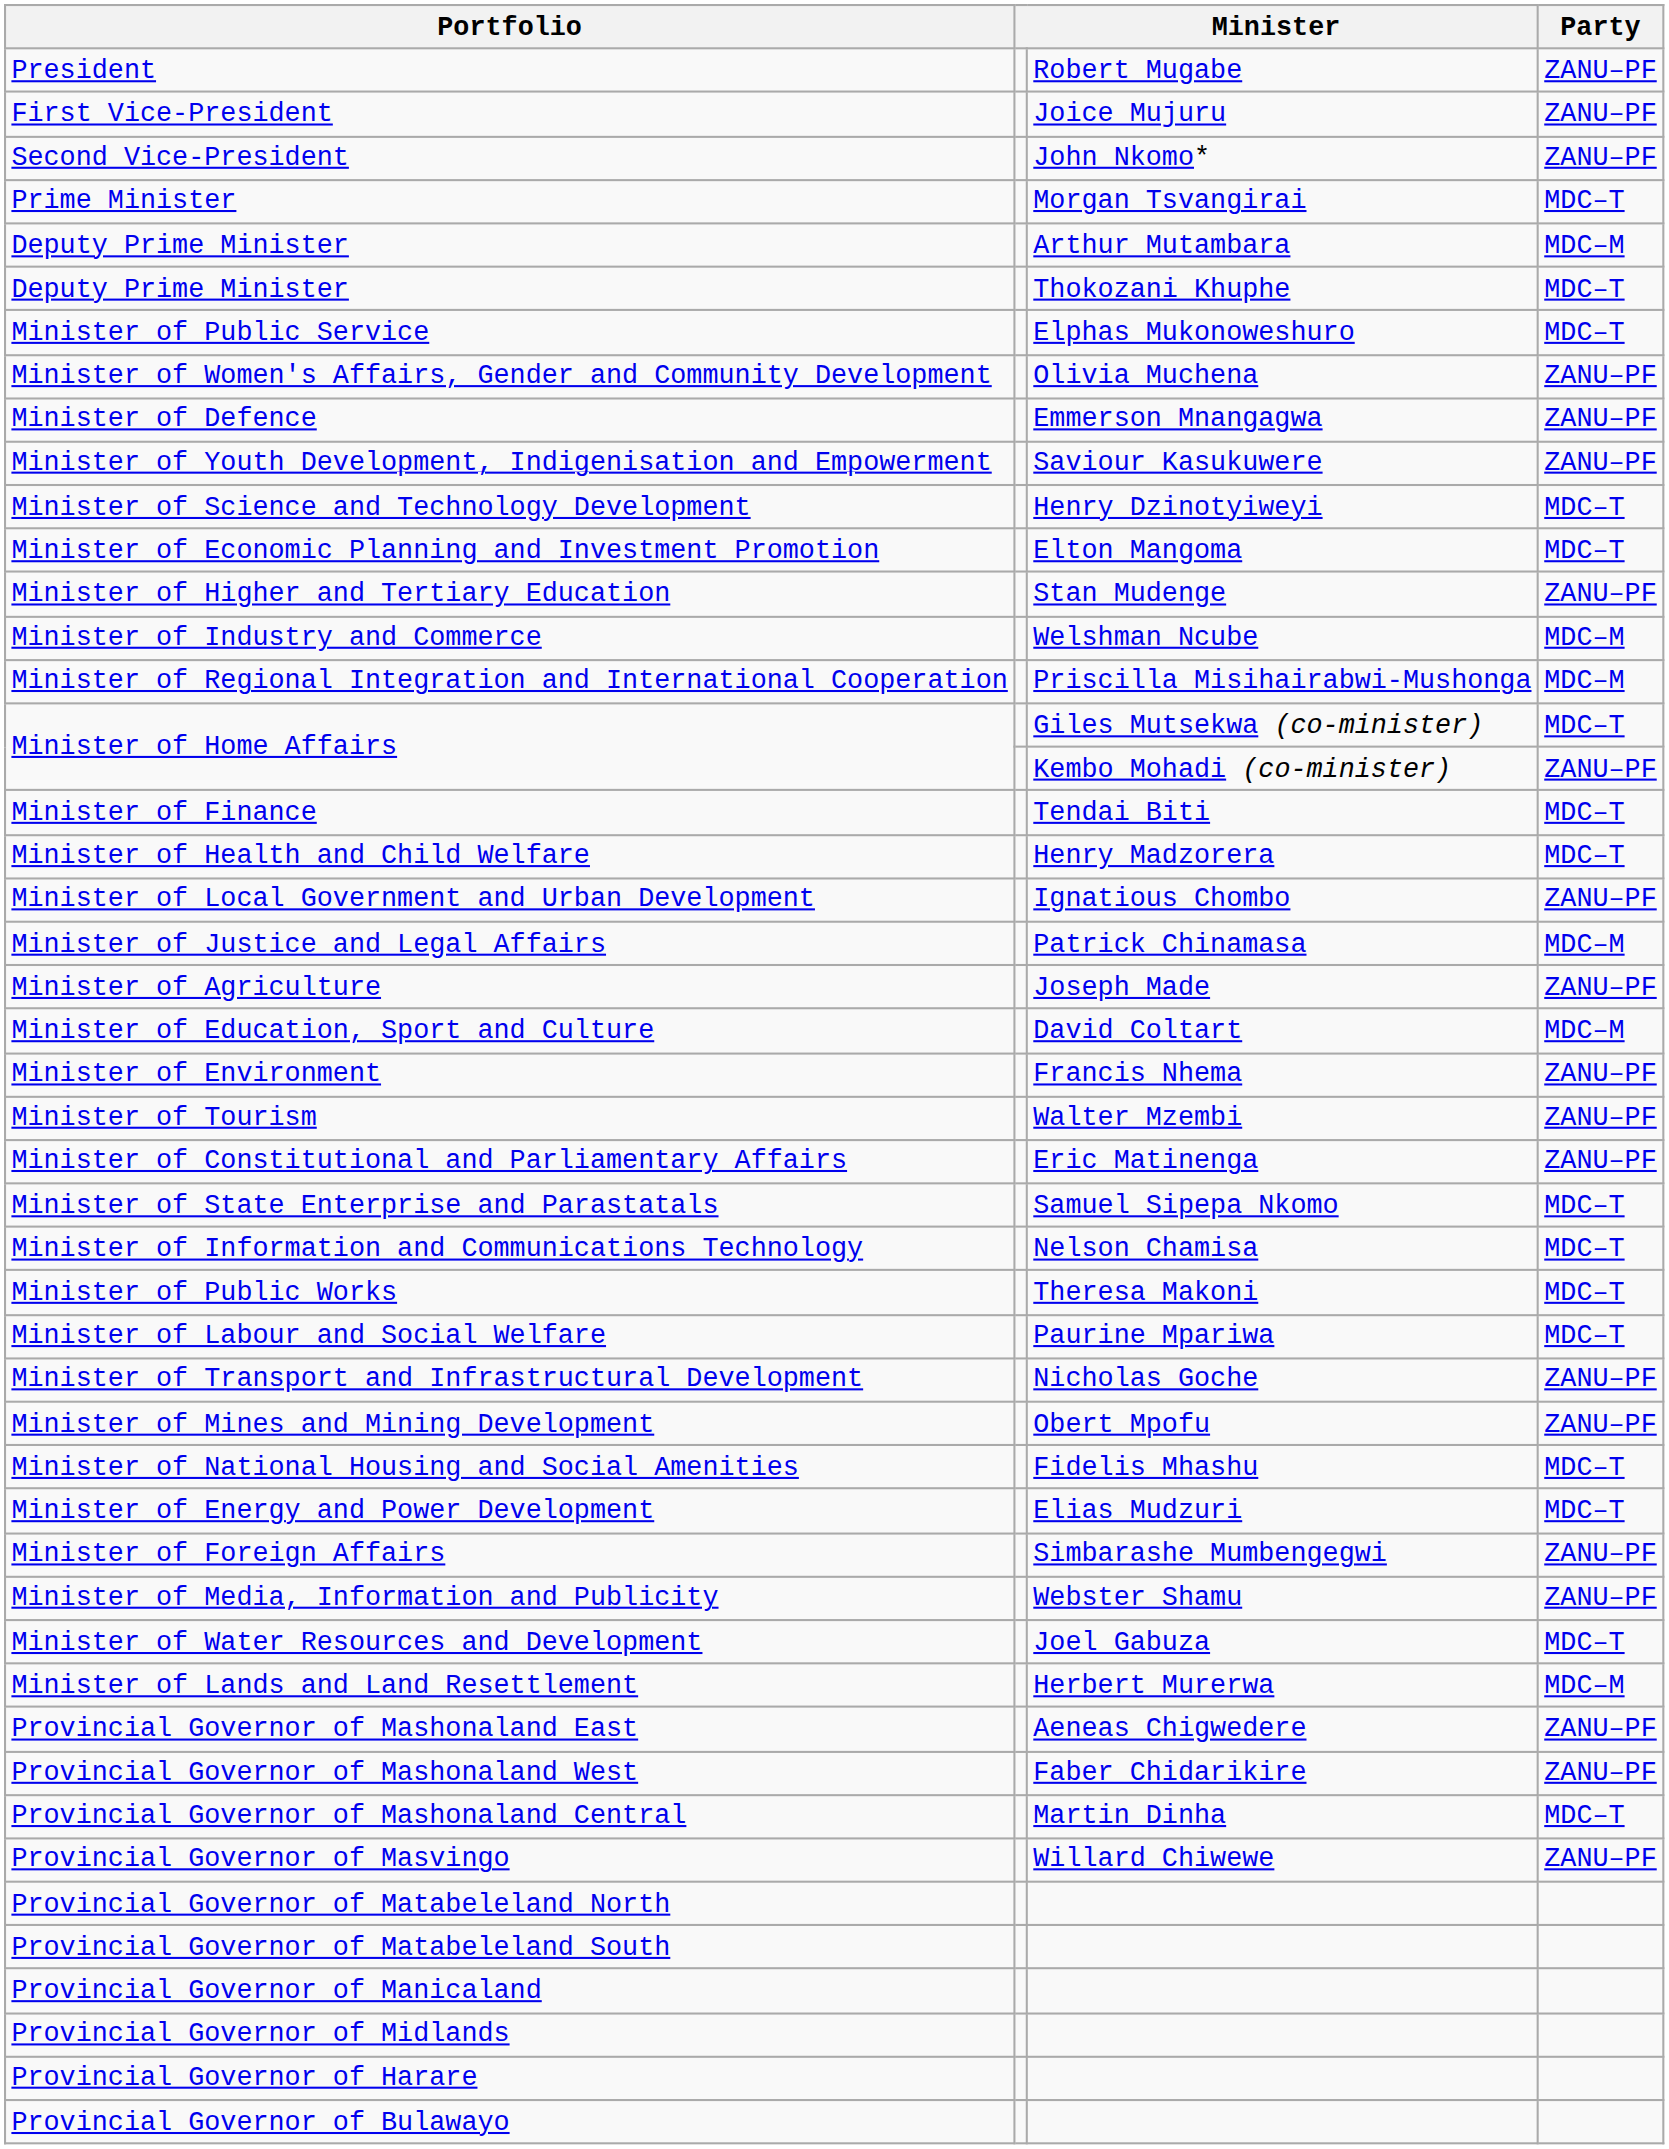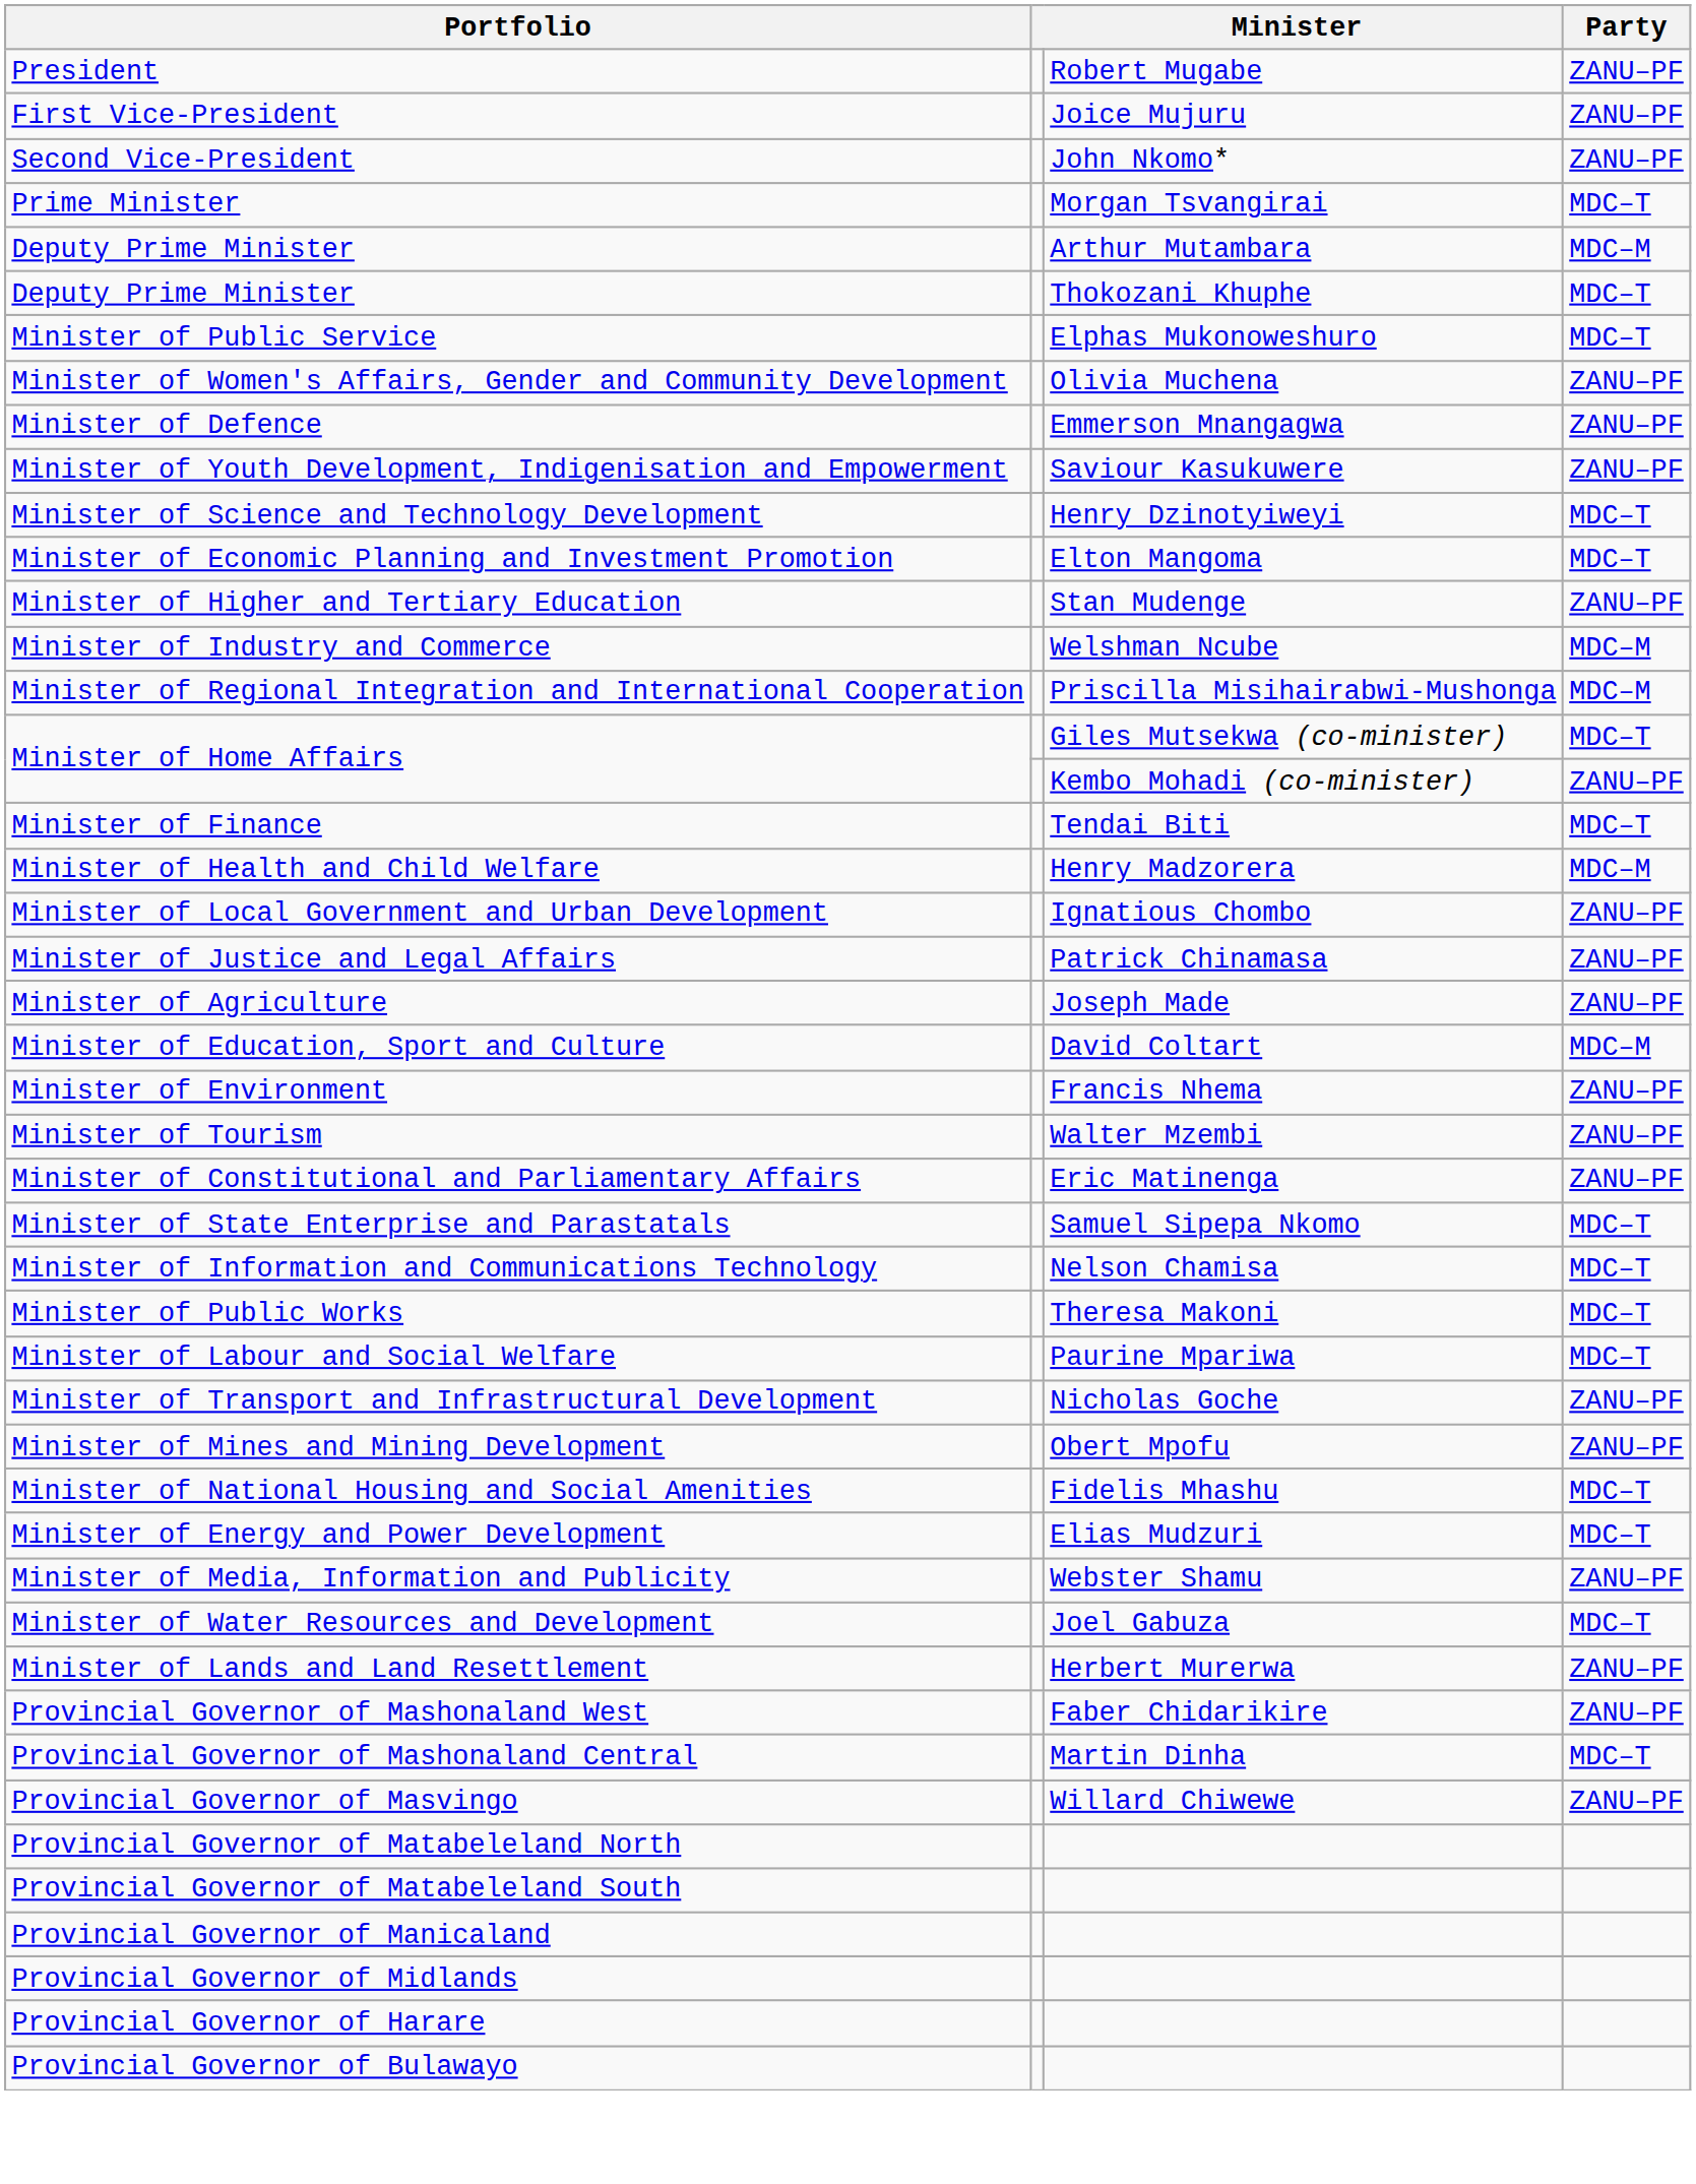 <table class="wikitable">
 <tr>
 <th>Portfolio</th>
 <th colspan="2">Minister</th>
 <th>Party</th>
 </tr>
 <tr>
 <td><a href='#'>President</a></td>
 <td style="background: "></td>
 <td><a href='#'>Robert Mugabe</a></td>
 <td><a href='#'>ZANU–PF</a></td>
 </tr>
 <tr>
 <td><a href='#'>First Vice-President</a></td>
 <td style="background: "></td>
 <td><a href='#'>Joice Mujuru</a></td>
 <td><a href='#'>ZANU–PF</a></td>
 </tr>
 <tr>
 <td><a href='#'>Second Vice-President</a></td>
 <td style="background: "></td>
 <td><a href='#'>John Nkomo</a>*</td>
 <td><a href='#'>ZANU–PF</a></td>
 </tr>
 <tr>
 <td><a href='#'>Prime Minister</a></td>
 <td style="background: "></td>
 <td><a href='#'>Morgan Tsvangirai</a></td>
 <td><a href='#'>MDC–T</a></td>
 </tr>
 <tr>
 <td><a href='#'>Deputy Prime Minister</a></td>
 <td style="background: "></td>
 <td><a href='#'>Arthur Mutambara</a></td>
 <td><a href='#'>MDC–M</a></td>
 </tr>
 <tr>
 <td><a href='#'>Deputy Prime Minister</a></td>
 <td style="background: "></td>
 <td><a href='#'>Thokozani Khuphe</a></td>
 <td><a href='#'>MDC–T</a></td>
 </tr>
 <tr>
 <td><a href='#'>Minister of Public Service</a></td>
 <td style="background: "></td>
 <td><a href='#'>Elphas Mukonoweshuro</a></td>
 <td><a href='#'>MDC–T</a></td>
 </tr>
 <tr>
 <td><a href='#'>Minister of Women's Affairs, Gender and Community Development</a></td>
 <td style="background: "></td>
 <td><a href='#'>Olivia Muchena</a></td>
 <td><a href='#'>ZANU–PF</a></td>
 </tr>
 <tr>
 <td><a href='#'>Minister of Defence</a></td>
 <td style="background: "></td>
 <td><a href='#'>Emmerson Mnangagwa</a></td>
 <td><a href='#'>ZANU–PF</a></td>
 </tr>
 <tr>
 <td><a href='#'>Minister of Youth Development, Indigenisation and Empowerment</a></td>
 <td style="background: "></td>
 <td><a href='#'>Saviour Kasukuwere</a></td>
 <td><a href='#'>ZANU–PF</a></td>
 </tr>
 <tr>
 <td><a href='#'>Minister of Science and Technology Development</a></td>
 <td style="background: "></td>
 <td><a href='#'>Henry Dzinotyiweyi</a></td>
 <td><a href='#'>MDC–T</a></td>
 </tr>
 <tr>
 <td><a href='#'>Minister of Economic Planning and Investment Promotion</a></td>
 <td style="background: "></td>
 <td><a href='#'>Elton Mangoma</a></td>
 <td><a href='#'>MDC–T</a></td>
 </tr>
 <tr>
 <td><a href='#'>Minister of Higher and Tertiary Education</a></td>
 <td style="background: "></td>
 <td><a href='#'>Stan Mudenge</a></td>
 <td><a href='#'>ZANU–PF</a></td>
 </tr>
 <tr>
 <td><a href='#'>Minister of Industry and Commerce</a></td>
 <td style="background: "></td>
 <td><a href='#'>Welshman Ncube</a></td>
 <td><a href='#'>MDC–M</a></td>
 </tr>
 <tr>
 <td><a href='#'>Minister of Regional Integration and International Cooperation</a></td>
 <td style="background: "></td>
 <td><a href='#'>Priscilla Misihairabwi-Mushonga</a></td>
 <td><a href='#'>MDC–M</a></td>
 </tr>
 <tr>
 <td rowspan=2><a href='#'>Minister of Home Affairs</a></td>
 <td style="background: "></td>
 <td><a href='#'>Giles Mutsekwa</a> <em>(co-minister)</em></td>
 <td><a href='#'>MDC–T</a></td>
 </tr>
 <tr>
 <td style="background: "></td>
 <td><a href='#'>Kembo Mohadi</a> <em>(co-minister)</em></td>
 <td><a href='#'>ZANU–PF</a></td>
 </tr>
 <tr>
 <td><a href='#'>Minister of Finance</a></td>
 <td style="background: "></td>
 <td><a href='#'>Tendai Biti</a></td>
 <td><a href='#'>MDC–T</a></td>
 </tr>
 <tr>
 <td><a href='#'>Minister of Health and Child Welfare</a></td>
 <td style="background: "></td>
 <td><a href='#'>Henry Madzorera</a></td>
-<td><a href='#'>MDC–T</a></td>
+<td><a href='#'>MDC–M</a></td>
 </tr>
 <tr>
 <td><a href='#'>Minister of Local Government and Urban Development</a></td>
 <td style="background: "></td>
 <td><a href='#'>Ignatious Chombo</a></td>
 <td><a href='#'>ZANU–PF</a></td>
 </tr>
 <tr>
 <td><a href='#'>Minister of Justice and Legal Affairs</a></td>
 <td style="background: "></td>
 <td><a href='#'>Patrick Chinamasa</a></td>
-<td><a href='#'>MDC–M</a></td>
+<td><a href='#'>ZANU–PF</a></td>
 </tr>
 <tr>
 <td><a href='#'>Minister of Agriculture</a></td>
 <td style="background: "></td>
 <td><a href='#'>Joseph Made</a></td>
 <td><a href='#'>ZANU–PF</a></td>
 </tr>
 <tr>
 <td><a href='#'>Minister of Education, Sport and Culture</a></td>
 <td style="background: "></td>
 <td><a href='#'>David Coltart</a></td>
 <td><a href='#'>MDC–M</a></td>
 </tr>
 <tr>
 <td><a href='#'>Minister of Environment</a></td>
 <td style="background: "></td>
 <td><a href='#'>Francis Nhema</a></td>
 <td><a href='#'>ZANU–PF</a></td>
 </tr>
 <tr>
 <td><a href='#'>Minister of Tourism</a></td>
 <td style="background: "></td>
 <td><a href='#'>Walter Mzembi</a></td>
 <td><a href='#'>ZANU–PF</a></td>
 </tr>
 <tr>
 <td><a href='#'>Minister of Constitutional and Parliamentary Affairs</a></td>
 <td style="background: "></td>
 <td><a href='#'>Eric Matinenga</a></td>
 <td><a href='#'>ZANU–PF</a></td>
 </tr>
 <tr>
 <td><a href='#'>Minister of State Enterprise and Parastatals</a></td>
 <td style="background: "></td>
 <td><a href='#'>Samuel Sipepa Nkomo</a></td>
 <td><a href='#'>MDC–T</a></td>
 </tr>
 <tr>
 <td><a href='#'>Minister of Information and Communications Technology</a></td>
 <td style="background: "></td>
 <td><a href='#'>Nelson Chamisa</a></td>
 <td><a href='#'>MDC–T</a></td>
 </tr>
 <tr>
 <td><a href='#'>Minister of Public Works</a></td>
 <td style="background: "></td>
 <td><a href='#'>Theresa Makoni</a></td>
 <td><a href='#'>MDC–T</a></td>
 </tr>
 <tr>
 <td><a href='#'>Minister of Labour and Social Welfare</a></td>
 <td style="background: "></td>
 <td><a href='#'>Paurine Mpariwa</a></td>
 <td><a href='#'>MDC–T</a></td>
 </tr>
 <tr>
 <td><a href='#'>Minister of Transport and Infrastructural Development</a></td>
 <td style="background: "></td>
 <td><a href='#'>Nicholas Goche</a></td>
 <td><a href='#'>ZANU–PF</a></td>
 </tr>
 <tr>
 <td><a href='#'>Minister of Mines and Mining Development</a></td>
 <td style="background: "></td>
 <td><a href='#'>Obert Mpofu</a></td>
 <td><a href='#'>ZANU–PF</a></td>
 </tr>
 <tr>
 <td><a href='#'>Minister of National Housing and Social Amenities</a></td>
 <td style="background: "></td>
 <td><a href='#'>Fidelis Mhashu</a></td>
 <td><a href='#'>MDC–T</a></td>
 </tr>
 <tr>
 <td><a href='#'>Minister of Energy and Power Development</a></td>
 <td style="background: "></td>
 <td><a href='#'>Elias Mudzuri</a></td>
 <td><a href='#'>MDC–T</a></td>
 </tr>
 <tr>
-<td><a href='#'>Minister of Foreign Affairs</a></td>
-<td style="background: "></td>
-<td><a href='#'>Simbarashe Mumbengegwi</a></td>
-<td><a href='#'>ZANU–PF</a></td>
-</tr>
-<tr>
 <td><a href='#'>Minister of Media, Information and Publicity</a></td>
 <td style="background: "></td>
 <td><a href='#'>Webster Shamu</a></td>
 <td><a href='#'>ZANU–PF</a></td>
 </tr>
 <tr>
 <td><a href='#'>Minister of Water Resources and Development</a></td>
 <td style="background: "></td>
 <td><a href='#'>Joel Gabuza</a></td>
 <td><a href='#'>MDC–T</a></td>
 </tr>
 <tr>
 <td><a href='#'>Minister of Lands and Land Resettlement</a></td>
 <td style="background: "></td>
 <td><a href='#'>Herbert Murerwa</a></td>
-<td><a href='#'>MDC–M</a></td>
-</tr>
-<tr>
-<td><a href='#'>Provincial Governor of Mashonaland East</a></td>
-<td style="background: "></td>
-<td><a href='#'>Aeneas Chigwedere</a></td>
 <td><a href='#'>ZANU–PF</a></td>
 </tr>
 <tr>
 <td><a href='#'>Provincial Governor of Mashonaland West</a></td>
 <td style="background: "></td>
 <td><a href='#'>Faber Chidarikire</a></td>
 <td><a href='#'>ZANU–PF</a></td>
 </tr>
 <tr>
 <td><a href='#'>Provincial Governor of Mashonaland Central</a></td>
 <td style="background: "></td>
 <td><a href='#'>Martin Dinha</a></td>
 <td><a href='#'>MDC–T</a></td>
 </tr>
 <tr>
 <td><a href='#'>Provincial Governor of Masvingo</a></td>
 <td style="background: "></td>
 <td><a href='#'>Willard Chiwewe</a></td>
 <td><a href='#'>ZANU–PF</a></td>
 </tr>
 <tr>
 <td><a href='#'>Provincial Governor of Matabeleland North</a></td>
 <td></td>
 <td></td>
 <td></td>
 </tr>
 <tr>
 <td><a href='#'>Provincial Governor of Matabeleland South</a></td>
 <td></td>
 <td></td>
 <td></td>
 </tr>
 <tr>
 <td><a href='#'>Provincial Governor of Manicaland</a></td>
 <td></td>
 <td></td>
 <td></td>
 </tr>
 <tr>
 <td><a href='#'>Provincial Governor of Midlands</a></td>
 <td></td>
 <td></td>
 <td></td>
 </tr>
 <tr>
 <td><a href='#'>Provincial Governor of Harare</a></td>
 <td></td>
 <td></td>
 <td></td>
 </tr>
 <tr>
 <td><a href='#'>Provincial Governor of Bulawayo</a></td>
 <td></td>
 <td></td>
 <td></td>
 </tr>
 </table>
